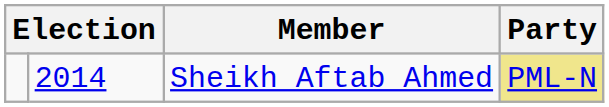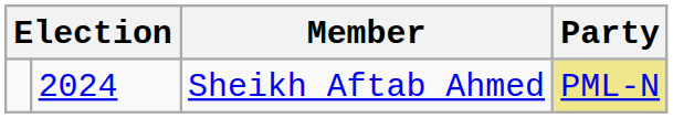 <table class="wikitable">
 <tr>
 <th colspan="2">Election</th>
 <th>Member</th>
 <th>Party</th>
 </tr>
 <tr>
 <td style="background-color: "></td>
-<td><a href='#'>2014</a></td>
+<td><a href='#'>2024</a></td>
 <td><a href='#'>Sheikh Aftab Ahmed</a></td>
 <td style="background: khaki;"><a href='#'>PML-N</a></td>
 </tr>
 </table>
